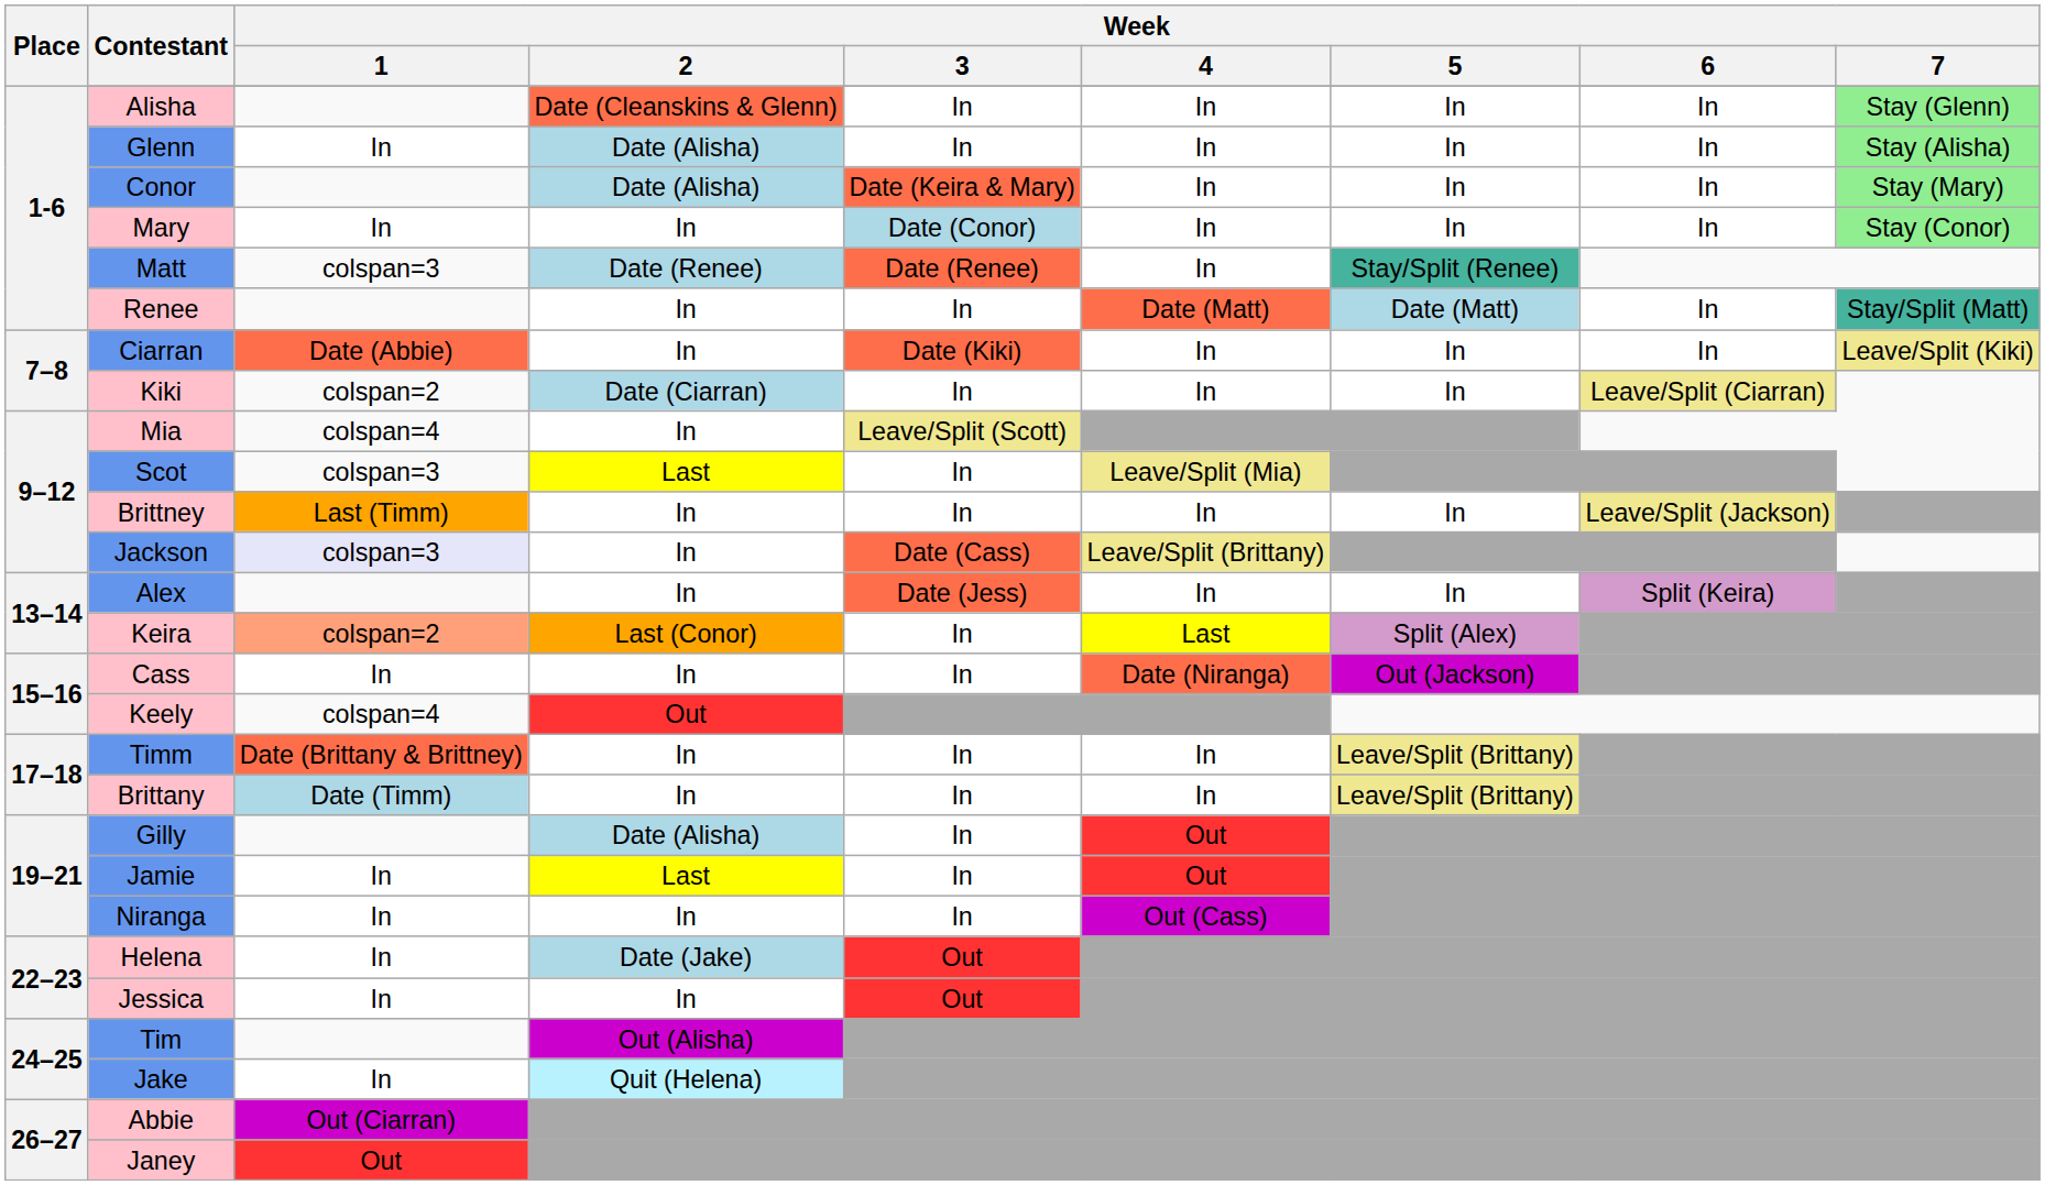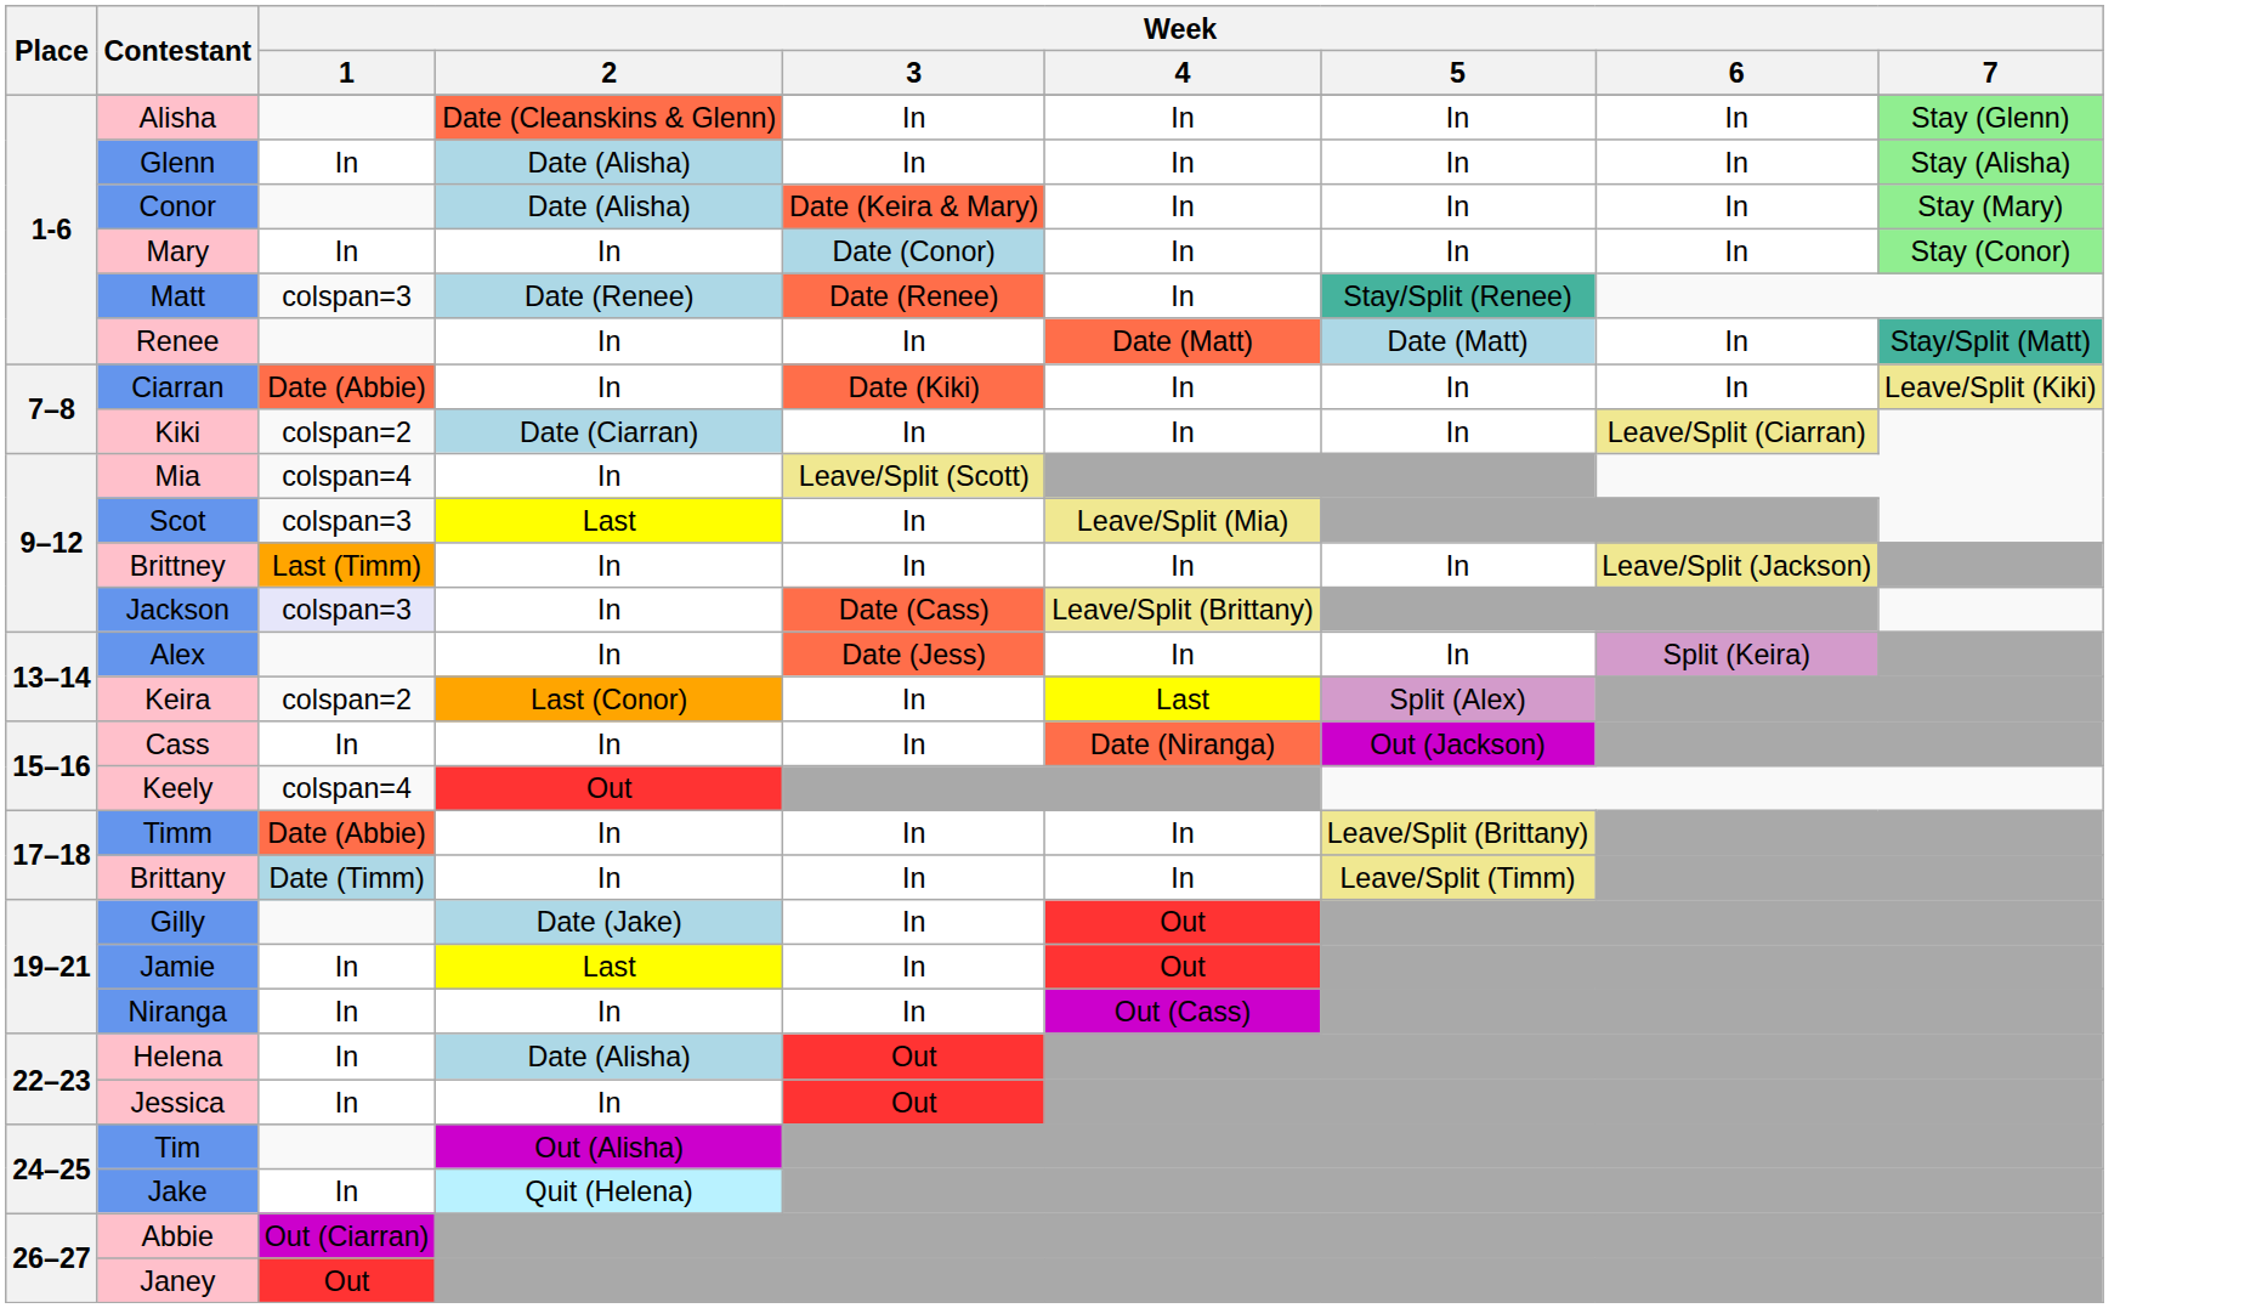 <table class="wikitable" style="text-align:center; font-size:95%">
 <tr>
 <th rowspan="2">Place</th>
 <th rowspan="2">Contestant</th>
 <th colspan="7">Week</th>
 </tr>
 <tr>
 <th>1</th>
 <th>2</th>
 <th>3</th>
 <th>4</th>
 <th>5</th>
 <th>6</th>
 <th>7</th>
 </tr>
 <tr>
 <th rowspan=7>1-6</th>
 </tr>
 <tr>
 <td bgcolor="#ffc0cb">Alisha</td>
 <td></td>
 <td bgcolor="#FF6E4A">Date (Cleanskins & Glenn)</td>
 <td bgcolor="#FFFFFF">In</td>
 <td bgcolor="#FFFFFF">In</td>
 <td bgcolor="#FFFFFF">In</td>
 <td bgcolor="#FFFFFF">In</td>
 <td bgcolor="#90EE90">Stay (Glenn)</td>
 </tr>
 <tr>
 <td bgcolor="#6495ED">Glenn</td>
 <td bgcolor="#FFFFFF">In</td>
 <td bgcolor="#ADD8E6">Date (Alisha)</td>
 <td bgcolor="#FFFFFF">In</td>
 <td bgcolor="#FFFFFF">In</td>
 <td bgcolor="#FFFFFF">In</td>
 <td bgcolor="#FFFFFF">In</td>
 <td bgcolor="#90EE90">Stay (Alisha)</td>
 </tr>
 <tr>
 <td bgcolor="#6495ed">Conor</td>
 <td></td>
 <td bgcolor="#ADD8E6">Date (Alisha)</td>
 <td bgcolor="#FF6E4A">Date (Keira & Mary)</td>
 <td bgcolor="#FFFFFF">In</td>
 <td bgcolor="#FFFFFF">In</td>
 <td bgcolor="#FFFFFF">In</td>
 <td bgcolor="#90EE90">Stay (Mary)</td>
 </tr>
 <tr>
 <td bgcolor="#ffc0cb">Mary</td>
 <td bgcolor="#FFFFFF">In</td>
 <td bgcolor="#FFFFFF">In</td>
 <td bgcolor="#ADD8E6">Date (Conor)</td>
 <td bgcolor="#FFFFFF">In</td>
 <td bgcolor="#FFFFFF">In</td>
 <td bgcolor="#FFFFFF">In</td>
 <td bgcolor="#90EE90">Stay (Conor)</td>
 </tr>
 <tr>
 <td bgcolor="#6495ED">Matt</td>
 <td>colspan=3 </td>
 <td bgcolor="#ADD8E6">Date (Renee)</td>
 <td bgcolor="#FF6E4A">Date (Renee)</td>
 <td bgcolor="#FFFFFF">In</td>
 <td bgcolor="#45B39D">Stay/Split (Renee)</td>
 </tr>
 <tr>
 <td bgcolor="#ffc0cb">Renee</td>
 <td></td>
 <td bgcolor="#FFFFFF">In</td>
 <td bgcolor="#FFFFFF">In</td>
 <td bgcolor="#FF6E4A">Date (Matt)</td>
 <td bgcolor="#ADD8E6">Date (Matt)</td>
 <td bgcolor="#FFFFFF">In</td>
 <td bgcolor="#45B39D">Stay/Split (Matt)</td>
 </tr>
 <tr>
 <th rowspan=2>7–8</th>
 <td bgcolor="#6495ed">Ciarran</td>
 <td bgcolor="#FF6E4A">Date (Abbie)</td>
 <td bgcolor="#FFFFFF">In</td>
 <td bgcolor="#FF6E4A">Date (Kiki)</td>
 <td bgcolor="#FFFFFF">In</td>
 <td bgcolor="#FFFFFF">In</td>
 <td bgcolor="#FFFFFF">In</td>
 <td bgcolor="#F0E891">Leave/Split (Kiki)</td>
 </tr>
 <tr>
 <td bgcolor="#ffc0cb">Kiki</td>
 <td>colspan=2 </td>
 <td bgcolor="#ADD8E6">Date (Ciarran)</td>
 <td bgcolor="#FFFFFF">In</td>
 <td bgcolor="#FFFFFF">In</td>
 <td bgcolor="#FFFFFF">In</td>
 <td bgcolor="#F0E891">Leave/Split (Ciarran)</td>
 </tr>
 <tr>
 <th rowspan=4>9–12</th>
 <td bgcolor="#ffc0cb">Mia</td>
 <td>colspan=4 </td>
 <td bgcolor="#FFFFFF">In</td>
 <td bgcolor="#F0E891">Leave/Split (Scott)</td>
 <td bgcolor="#A9A9A9"; colspan=2></td>
 </tr>
 <tr>
 <td bgcolor="#6495ED">Scot</td>
 <td>colspan=3 </td>
 <td bgcolor="#FFFF00">Last</td>
 <td bgcolor="#FFFFFF">In</td>
 <td bgcolor="#F0E891">Leave/Split (Mia)</td>
 <td bgcolor="#A9A9A9"; colspan=2></td>
 </tr>
 <tr>
 <td bgcolor="#ffc0cb">Brittney</td>
 <td bgcolor="#FFA500">Last (Timm)</td>
 <td bgcolor="#FFFFFF">In</td>
 <td bgcolor="#FFFFFF">In</td>
 <td bgcolor="#FFFFFF">In</td>
 <td bgcolor="#FFFFFF">In</td>
 <td bgcolor="#F0E891">Leave/Split (Jackson)</td>
 <td bgcolor="#A9A9A9"; colspan=2></td>
 </tr>
 <tr>
 <td bgcolor="#6495ED">Jackson</td>
 <td style="background: lavender;">colspan=3 </td>
 <td bgcolor="#FFFFFF">In</td>
 <td bgcolor="#FF6E4A">Date (Cass)</td>
 <td bgcolor="#F0E891">Leave/Split (Brittany)</td>
 <td bgcolor="#A9A9A9"; colspan=2></td>
 </tr>
 <tr>
 <th rowspan=2>13–14</th>
 <td bgcolor="#6495ed">Alex</td>
 <td></td>
 <td bgcolor="#FFFFFF">In</td>
 <td bgcolor="#FF6E4A">Date (Jess)</td>
 <td bgcolor="#FFFFFF">In</td>
 <td bgcolor="#FFFFFF">In</td>
 <td bgcolor="#D39BCB">Split (Keira)</td>
 <td bgcolor="#A9A9A9"; colspan=2></td>
 </tr>
 <tr>
 <td bgcolor="#ffc0cb">Keira</td>
-<td style="background: lightsalmon;">colspan=2 </td>
+<td>colspan=2 </td>
 <td bgcolor="#FFA500">Last (Conor)</td>
 <td bgcolor="#FFFFFF">In</td>
 <td bgcolor="#FFFF00">Last</td>
 <td bgcolor="#D39BCB">Split (Alex)</td>
 <td bgcolor="#A9A9A9"; colspan=2></td>
 </tr>
 <tr>
 <th rowspan=2>15–16</th>
 <td bgcolor="#ffc0cb">Cass</td>
 <td bgcolor="#FFFFFF">In</td>
 <td bgcolor="#FFFFFF">In</td>
 <td bgcolor="#FFFFFF">In</td>
 <td bgcolor="#FF6E4A">Date (Niranga)</td>
 <td bgcolor="#CC00CC">Out (Jackson)</td>
 <td bgcolor="#A9A9A9"; colspan=2></td>
 </tr>
 <tr>
 <td bgcolor="#ffc0cb">Keely</td>
 <td>colspan=4 </td>
 <td bgcolor="#FF3333">Out</td>
 <td bgcolor="#A9A9A9"; colspan=2></td>
 </tr>
 <tr>
 <th rowspan=2>17–18</th>
 <td bgcolor="#6495ED">Timm</td>
-<td bgcolor="#FF6E4A">Date (Brittany & Brittney)</td>
+<td bgcolor="#FF6E4A">Date (Abbie)</td>
 <td bgcolor="#FFFFFF">In</td>
 <td bgcolor="#FFFFFF">In</td>
 <td bgcolor="#FFFFFF">In</td>
 <td bgcolor="#F0E891">Leave/Split (Brittany)</td>
 <td bgcolor="#A9A9A9"; colspan=2></td>
 </tr>
 <tr>
 <td bgcolor="#ffc0cb">Brittany</td>
 <td bgcolor="#ADD8E6">Date (Timm)</td>
 <td bgcolor="#FFFFFF">In</td>
 <td bgcolor="#FFFFFF">In</td>
 <td bgcolor="#FFFFFF">In</td>
-<td bgcolor="#F0E891">Leave/Split (Brittany)</td>
+<td bgcolor="#F0E891">Leave/Split (Timm)</td>
 <td bgcolor="#A9A9A9"; colspan=2></td>
 </tr>
 <tr>
 <th rowspan=3>19–21</th>
 <td bgcolor="#6495ed">Gilly</td>
 <td></td>
-<td bgcolor="#ADD8E6">Date (Alisha)</td>
+<td bgcolor="#ADD8E6">Date (Jake)</td>
 <td bgcolor="#FFFFFF">In</td>
 <td bgcolor="#FF3333">Out</td>
 <td bgcolor="#A9A9A9"; colspan=3></td>
 </tr>
 <tr>
 <td bgcolor="#6495ED">Jamie</td>
 <td bgcolor="#FFFFFF">In</td>
 <td bgcolor="#FFFF00">Last</td>
 <td bgcolor="#FFFFFF">In</td>
 <td bgcolor="#FF3333">Out</td>
 <td bgcolor="#A9A9A9"; colspan=3></td>
 </tr>
 <tr>
 <td bgcolor="#6495ED">Niranga</td>
 <td bgcolor="#FFFFFF">In</td>
 <td bgcolor="#FFFFFF">In</td>
 <td bgcolor="#FFFFFF">In</td>
 <td bgcolor="#CC00CC">Out (Cass)</td>
 <td bgcolor="#A9A9A9"; colspan=3></td>
 </tr>
 <tr>
 <th rowspan=2>22–23</th>
 <td bgcolor="#ffc0cb">Helena</td>
 <td bgcolor="#FFFFFF">In</td>
-<td bgcolor="#ADD8E6">Date (Jake)</td>
+<td bgcolor="#ADD8E6">Date (Alisha)</td>
 <td bgcolor="#FF3333">Out</td>
 <td bgcolor="#A9A9A9"; colspan=4></td>
 </tr>
 <tr>
 <td bgcolor="#ffc0cb">Jessica</td>
 <td bgcolor="#FFFFFF">In</td>
 <td bgcolor="#FFFFFF">In</td>
 <td bgcolor="#FF3333">Out</td>
 <td bgcolor="#A9A9A9"; colspan=4></td>
 </tr>
 <tr>
 <th rowspan=2>24–25</th>
 <td bgcolor="#6495ed">Tim</td>
 <td></td>
 <td bgcolor="#CC00CC">Out (Alisha)</td>
 <td bgcolor="#A9A9A9"; colspan=5></td>
 </tr>
 <tr>
 <td bgcolor="#6495ED">Jake</td>
 <td bgcolor="#FFFFFF">In</td>
 <td bgcolor="#B9F2FF">Quit (Helena)</td>
 <td bgcolor="#A9A9A9"; colspan=5></td>
 </tr>
 <tr>
 <th rowspan=2>26–27</th>
 <td bgcolor="#FFC0CB">Abbie</td>
 <td bgcolor="#CC00CC">Out (Ciarran)</td>
 <td bgcolor="#A9A9A9"; colspan=6></td>
 </tr>
 <tr>
 <td bgcolor="#FFC0CB">Janey</td>
 <td bgcolor="#FF3333">Out</td>
 <td bgcolor="#A9A9A9"; colspan=6></td>
 </tr>
 <tr>
 </tr>
 </table>
